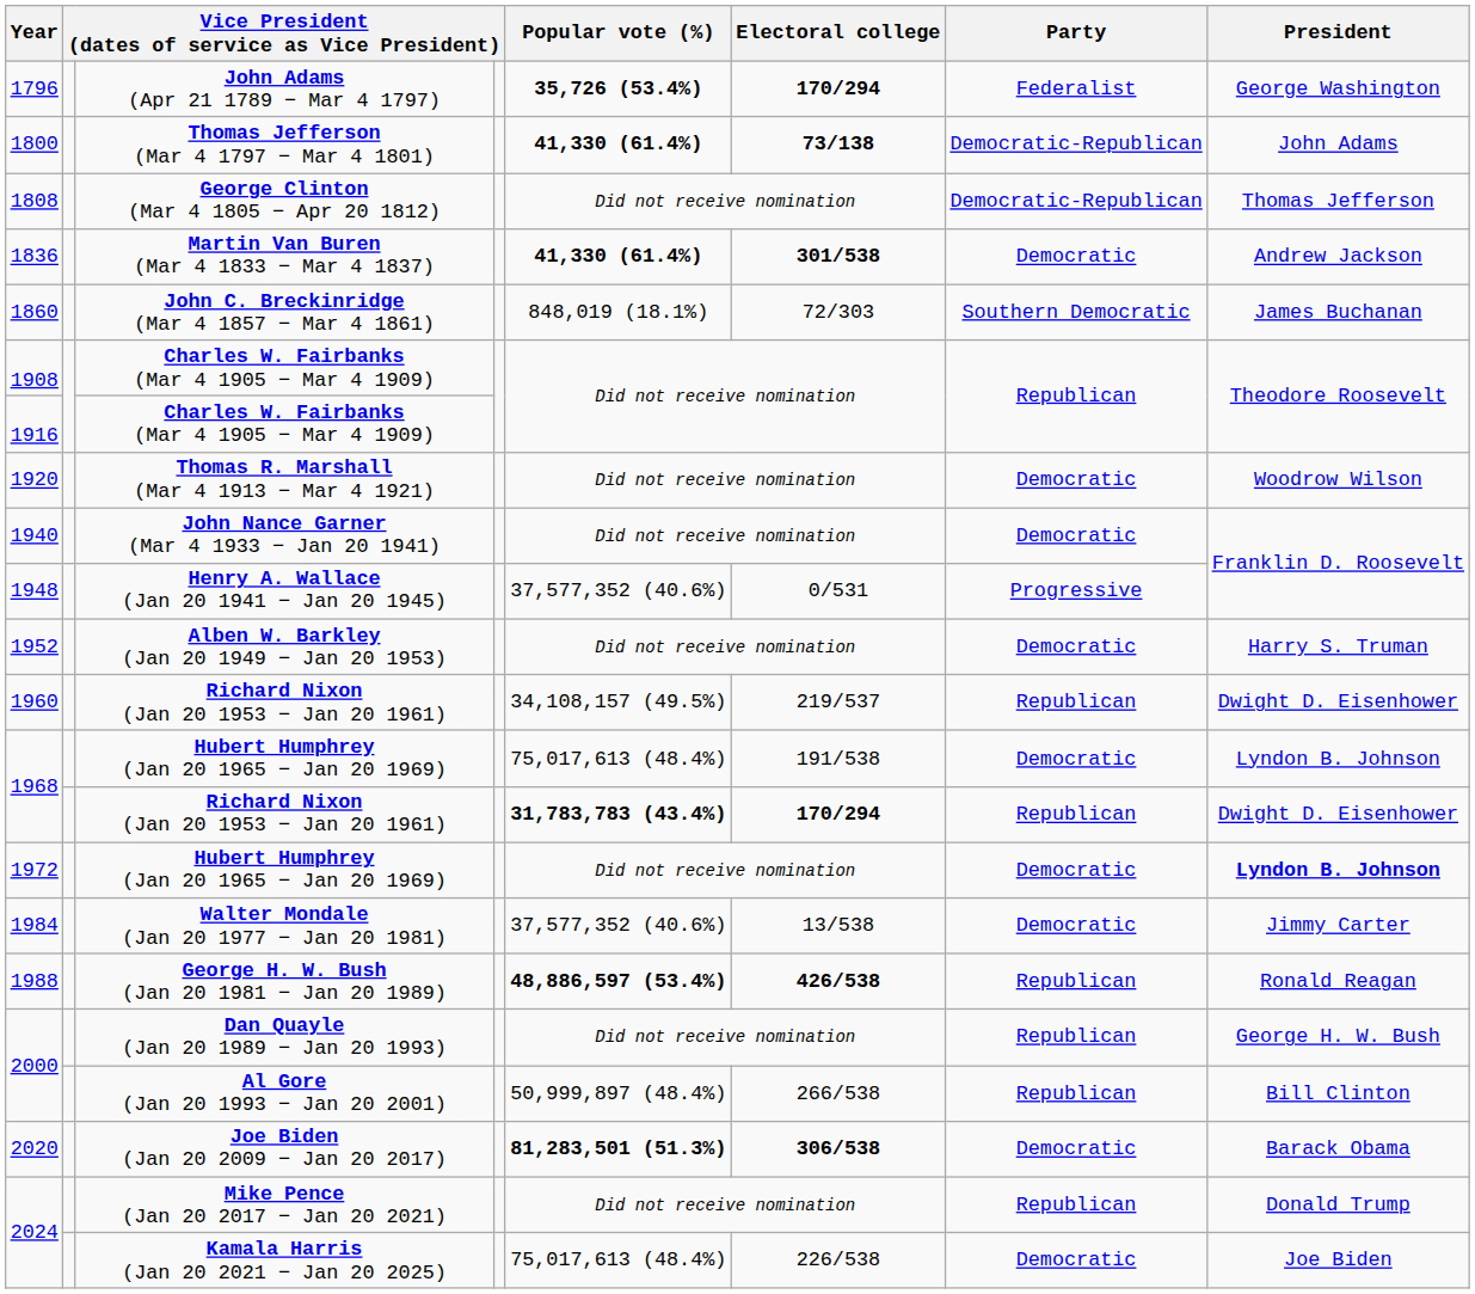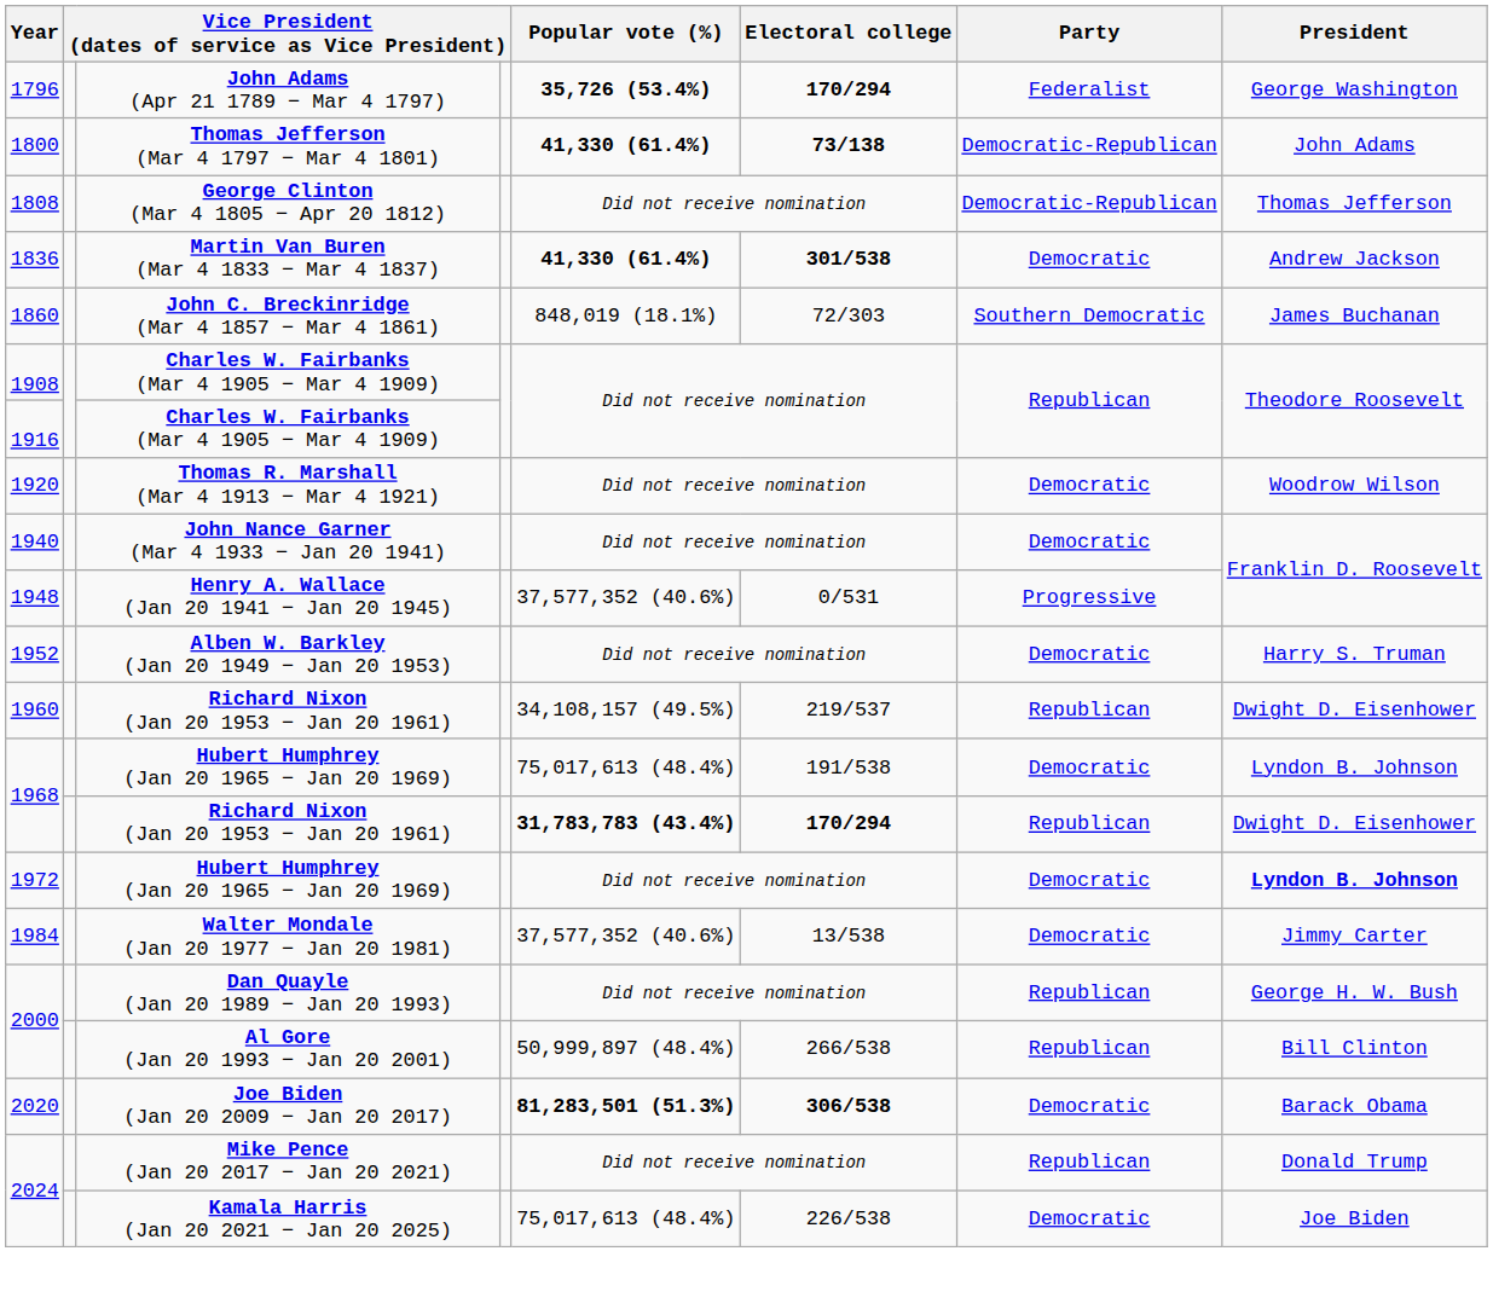 <table class="wikitable sortable" style="text-align:center">
 <tr>
 <th>Year</th>
 <th colspan="3"><a href='#'>Vice President</a><br>(dates of service as Vice President)</th>
 <th>Popular vote (%)</th>
 <th>Electoral college</th>
 <th>Party</th>
 <th>President</th>
 </tr>
 <tr>
 <td><a href='#'>1796</a></td>
 <td></td>
 <td><strong><a href='#'>John Adams</a></strong><br>(Apr 21 1789 − Mar 4 1797)</td>
 <td style="background-color:"></td>
 <td><strong>35,726 (53.4%)</strong></td>
 <td><strong>170/294</strong></td>
 <td><a href='#'>Federalist</a></td>
 <td><a href='#'>George Washington</a></td>
 </tr>
 <tr>
 <td><a href='#'>1800</a></td>
 <td></td>
 <td><strong><a href='#'>Thomas Jefferson</a></strong><br>(Mar 4 1797 − Mar 4 1801)</td>
 <td style="background-color:"></td>
 <td><strong>41,330 (61.4%)</strong></td>
 <td><strong>73/138</strong></td>
 <td><a href='#'>Democratic-Republican</a></td>
 <td><a href='#'>John Adams</a></td>
 </tr>
 <tr>
 <td><a href='#'>1808</a></td>
 <td></td>
 <td><strong><a href='#'>George Clinton</a></strong><br>(Mar 4 1805 − Apr 20 1812)</td>
 <td style="background-color:"></td>
 <td colspan="2"><em><small>Did not receive nomination</small></em></td>
 <td><a href='#'>Democratic-Republican</a></td>
 <td><a href='#'>Thomas Jefferson</a></td>
 </tr>
 <tr>
 <td><a href='#'>1836</a></td>
 <td></td>
 <td><strong><a href='#'>Martin Van Buren</a></strong><br>(Mar 4 1833 − Mar 4 1837)</td>
 <td style="background-color:"></td>
 <td><strong>41,330 (61.4%)</strong></td>
 <td><strong>301/538</strong></td>
 <td><a href='#'>Democratic</a></td>
 <td><a href='#'>Andrew Jackson</a></td>
 </tr>
 <tr>
 <td><a href='#'>1860</a></td>
 <td></td>
 <td><strong><a href='#'>John C. Breckinridge</a></strong><br>(Mar 4 1857 − Mar 4 1861)</td>
 <td style="background-color:"></td>
 <td>848,019 (18.1%)</td>
 <td>72/303</td>
 <td><a href='#'>Southern Democratic</a></td>
 <td><a href='#'>James Buchanan</a></td>
 </tr>
 <tr>
 <td><br><a href='#'>1908</a><br></td>
 <td rowspan="2"></td>
 <td><strong><a href='#'>Charles W. Fairbanks</a></strong><br>(Mar 4 1905 − Mar 4 1909)</td>
 <td rowspan="2" style="background-color:"></td>
 <td rowspan="2" colspan="2"><em><small>Did not receive nomination</small></em></td>
 <td rowspan="2"><a href='#'>Republican</a></td>
 <td rowspan="2"><a href='#'>Theodore Roosevelt</a></td>
 </tr>
 <tr>
 <td><br><a href='#'>1916</a><br></td>
 <td><strong><a href='#'>Charles W. Fairbanks</a></strong><br>(Mar 4 1905 − Mar 4 1909)</td>
 </tr>
 <tr>
 <td><a href='#'>1920</a></td>
 <td></td>
 <td><strong><a href='#'>Thomas R. Marshall</a></strong><br>(Mar 4 1913 − Mar 4 1921)</td>
 <td style="background-color:"></td>
 <td colspan="2"><em><small>Did not receive nomination</small></em></td>
 <td><a href='#'>Democratic</a></td>
 <td><a href='#'>Woodrow Wilson</a></td>
 </tr>
 <tr>
 <td><a href='#'>1940</a></td>
 <td></td>
 <td><strong><a href='#'>John Nance Garner</a></strong><br>(Mar 4 1933 − Jan 20 1941)</td>
 <td style="background-color:"></td>
 <td colspan="2"><em><small>Did not receive nomination</small></em></td>
 <td><a href='#'>Democratic</a></td>
 <td rowspan="2"><a href='#'>Franklin D. Roosevelt</a></td>
 </tr>
 <tr>
 <td><a href='#'>1948</a></td>
 <td></td>
 <td><strong><a href='#'>Henry A. Wallace</a></strong><br>(Jan 20 1941 − Jan 20 1945)</td>
 <td style="background-color:"></td>
 <td>37,577,352 (40.6%)</td>
 <td>0/531</td>
 <td><a href='#'>Progressive</a></td>
 </tr>
 <tr>
 <td><a href='#'>1952</a></td>
 <td></td>
 <td><strong><a href='#'>Alben W. Barkley</a></strong><br>(Jan 20 1949 − Jan 20 1953)</td>
 <td style="background-color:"></td>
 <td colspan="2"><em><small>Did not receive nomination</small></em></td>
 <td><a href='#'>Democratic</a></td>
 <td><a href='#'>Harry S. Truman</a></td>
 </tr>
 <tr>
 <td><a href='#'>1960</a></td>
 <td></td>
 <td><strong><a href='#'>Richard Nixon</a></strong><br>(Jan 20 1953 − Jan 20 1961)</td>
 <td style="background-color:"></td>
 <td>34,108,157 (49.5%)</td>
 <td>219/537</td>
 <td><a href='#'>Republican</a></td>
 <td><a href='#'>Dwight D. Eisenhower</a></td>
 </tr>
 <tr>
 <td rowspan="2"><a href='#'>1968</a></td>
 <td></td>
 <td><strong><a href='#'>Hubert Humphrey</a></strong><br>(Jan 20 1965 − Jan 20 1969)</td>
 <td style="background-color:"></td>
 <td>75,017,613 (48.4%)</td>
 <td>191/538</td>
 <td><a href='#'>Democratic</a></td>
 <td><a href='#'>Lyndon B. Johnson</a></td>
 </tr>
 <tr>
 <td></td>
 <td><strong><a href='#'>Richard Nixon</a></strong><br>(Jan 20 1953 − Jan 20 1961)</td>
 <td style="background-color:"></td>
 <td><strong>31,783,783 (43.4%)</strong></td>
 <td><strong>170/294</strong></td>
 <td><a href='#'>Republican</a></td>
 <td><a href='#'>Dwight D. Eisenhower</a></td>
 </tr>
 <tr>
 <td><a href='#'>1972</a></td>
 <td></td>
 <td><strong><a href='#'>Hubert Humphrey</a></strong><br>(Jan 20 1965 − Jan 20 1969)</td>
 <td style="background-color:"></td>
 <td colspan="2"><em><small>Did not receive nomination</small></em></td>
 <td><a href='#'>Democratic</a></td>
 <td><strong><a href='#'>Lyndon B. Johnson</a></strong></td>
 </tr>
 <tr>
 <td><a href='#'>1984</a></td>
 <td></td>
 <td><strong><a href='#'>Walter Mondale</a></strong><br>(Jan 20 1977 − Jan 20 1981)</td>
 <td style="background-color:"></td>
 <td>37,577,352 (40.6%)</td>
 <td>13/538</td>
 <td><a href='#'>Democratic</a></td>
 <td><a href='#'>Jimmy Carter</a></td>
 </tr>
 <tr>
-<td><a href='#'>1988</a></td>
-<td></td>
-<td><strong><a href='#'>George H. W. Bush</a></strong><br>(Jan 20 1981 − Jan 20 1989)</td>
-<td style="background-color:"></td>
-<td><strong>48,886,597 (53.4%)</strong></td>
-<td><strong>426/538</strong></td>
-<td><a href='#'>Republican</a></td>
-<td><a href='#'>Ronald Reagan</a></td>
-</tr>
-<tr>
 <td rowspan="2"><a href='#'>2000</a></td>
 <td></td>
 <td><strong><a href='#'>Dan Quayle</a></strong><br>(Jan 20 1989 − Jan 20 1993)</td>
 <td style="background-color:"></td>
 <td colspan="2"><em><small>Did not receive nomination</small></em></td>
 <td><a href='#'>Republican</a></td>
 <td><a href='#'>George H. W. Bush</a></td>
 </tr>
 <tr>
 <td></td>
 <td><strong><a href='#'>Al Gore</a></strong><br>(Jan 20 1993 − Jan 20 2001)</td>
 <td style="background-color:"></td>
 <td>50,999,897 (48.4%)</td>
 <td>266/538</td>
 <td><a href='#'>Republican</a></td>
 <td><a href='#'>Bill Clinton</a></td>
 </tr>
 <tr>
 <td><a href='#'>2020</a></td>
 <td></td>
 <td><strong><a href='#'>Joe Biden</a></strong><br>(Jan 20 2009 − Jan 20 2017)</td>
 <td style="background-color:"></td>
 <td><strong>81,283,501 (51.3%)</strong></td>
 <td><strong>306/538</strong></td>
 <td><a href='#'>Democratic</a></td>
 <td><a href='#'>Barack Obama</a></td>
 </tr>
 <tr>
 <td rowspan="2"><a href='#'>2024</a></td>
 <td></td>
 <td><strong><a href='#'>Mike Pence</a></strong><br>(Jan 20 2017 − Jan 20 2021)</td>
 <td style="background-color:"></td>
 <td colspan="2"><em><small>Did not receive nomination</small></em></td>
 <td><a href='#'>Republican</a></td>
 <td><a href='#'>Donald Trump</a></td>
 </tr>
 <tr>
 <td></td>
 <td><strong><a href='#'>Kamala Harris</a></strong><br>(Jan 20 2021 − Jan 20 2025)</td>
 <td style="background-color:"></td>
 <td>75,017,613 (48.4%)</td>
 <td>226/538</td>
 <td><a href='#'>Democratic</a></td>
 <td><a href='#'>Joe Biden</a></td>
 </tr>
 </table>
